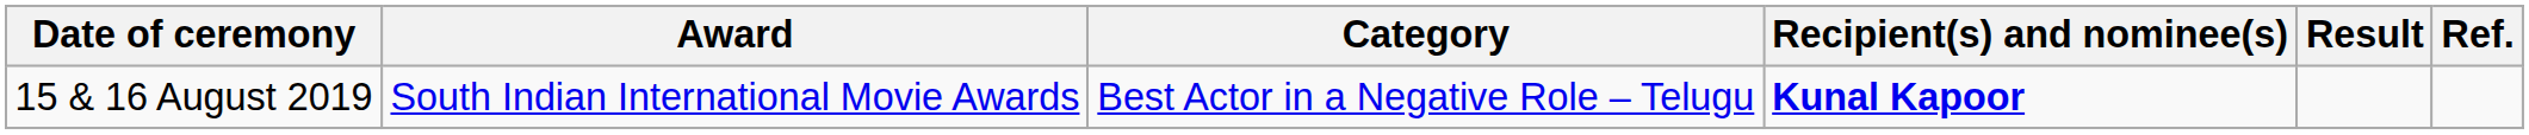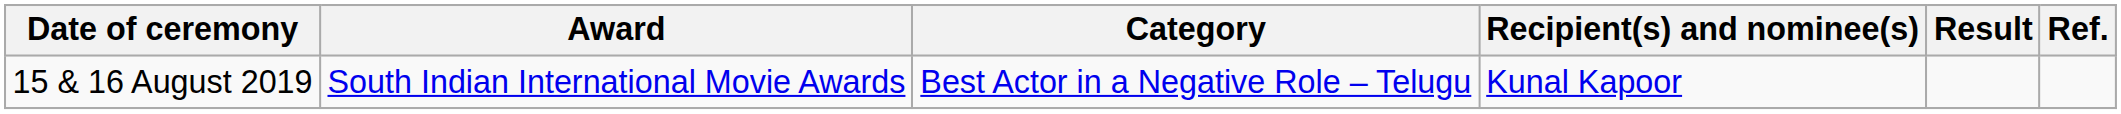 <table class="wikitable sortable">
 <tr>
 <th>Date of ceremony</th>
 <th>Award</th>
 <th>Category</th>
 <th>Recipient(s) and nominee(s)</th>
 <th>Result</th>
 <th>Ref.</th>
 </tr>
 <tr>
 <td>15 & 16 August 2019</td>
 <td><a href='#'>South Indian International Movie Awards</a></td>
 <td><a href='#'>Best Actor in a Negative Role – Telugu</a></td>
-<td><strong><a href='#'>Kunal Kapoor</a></strong></td>
+<td><a href='#'>Kunal Kapoor</a></td>
 <td></td>
 <td></td>
 </tr>
 <tr>
 </tr>
 </table>
